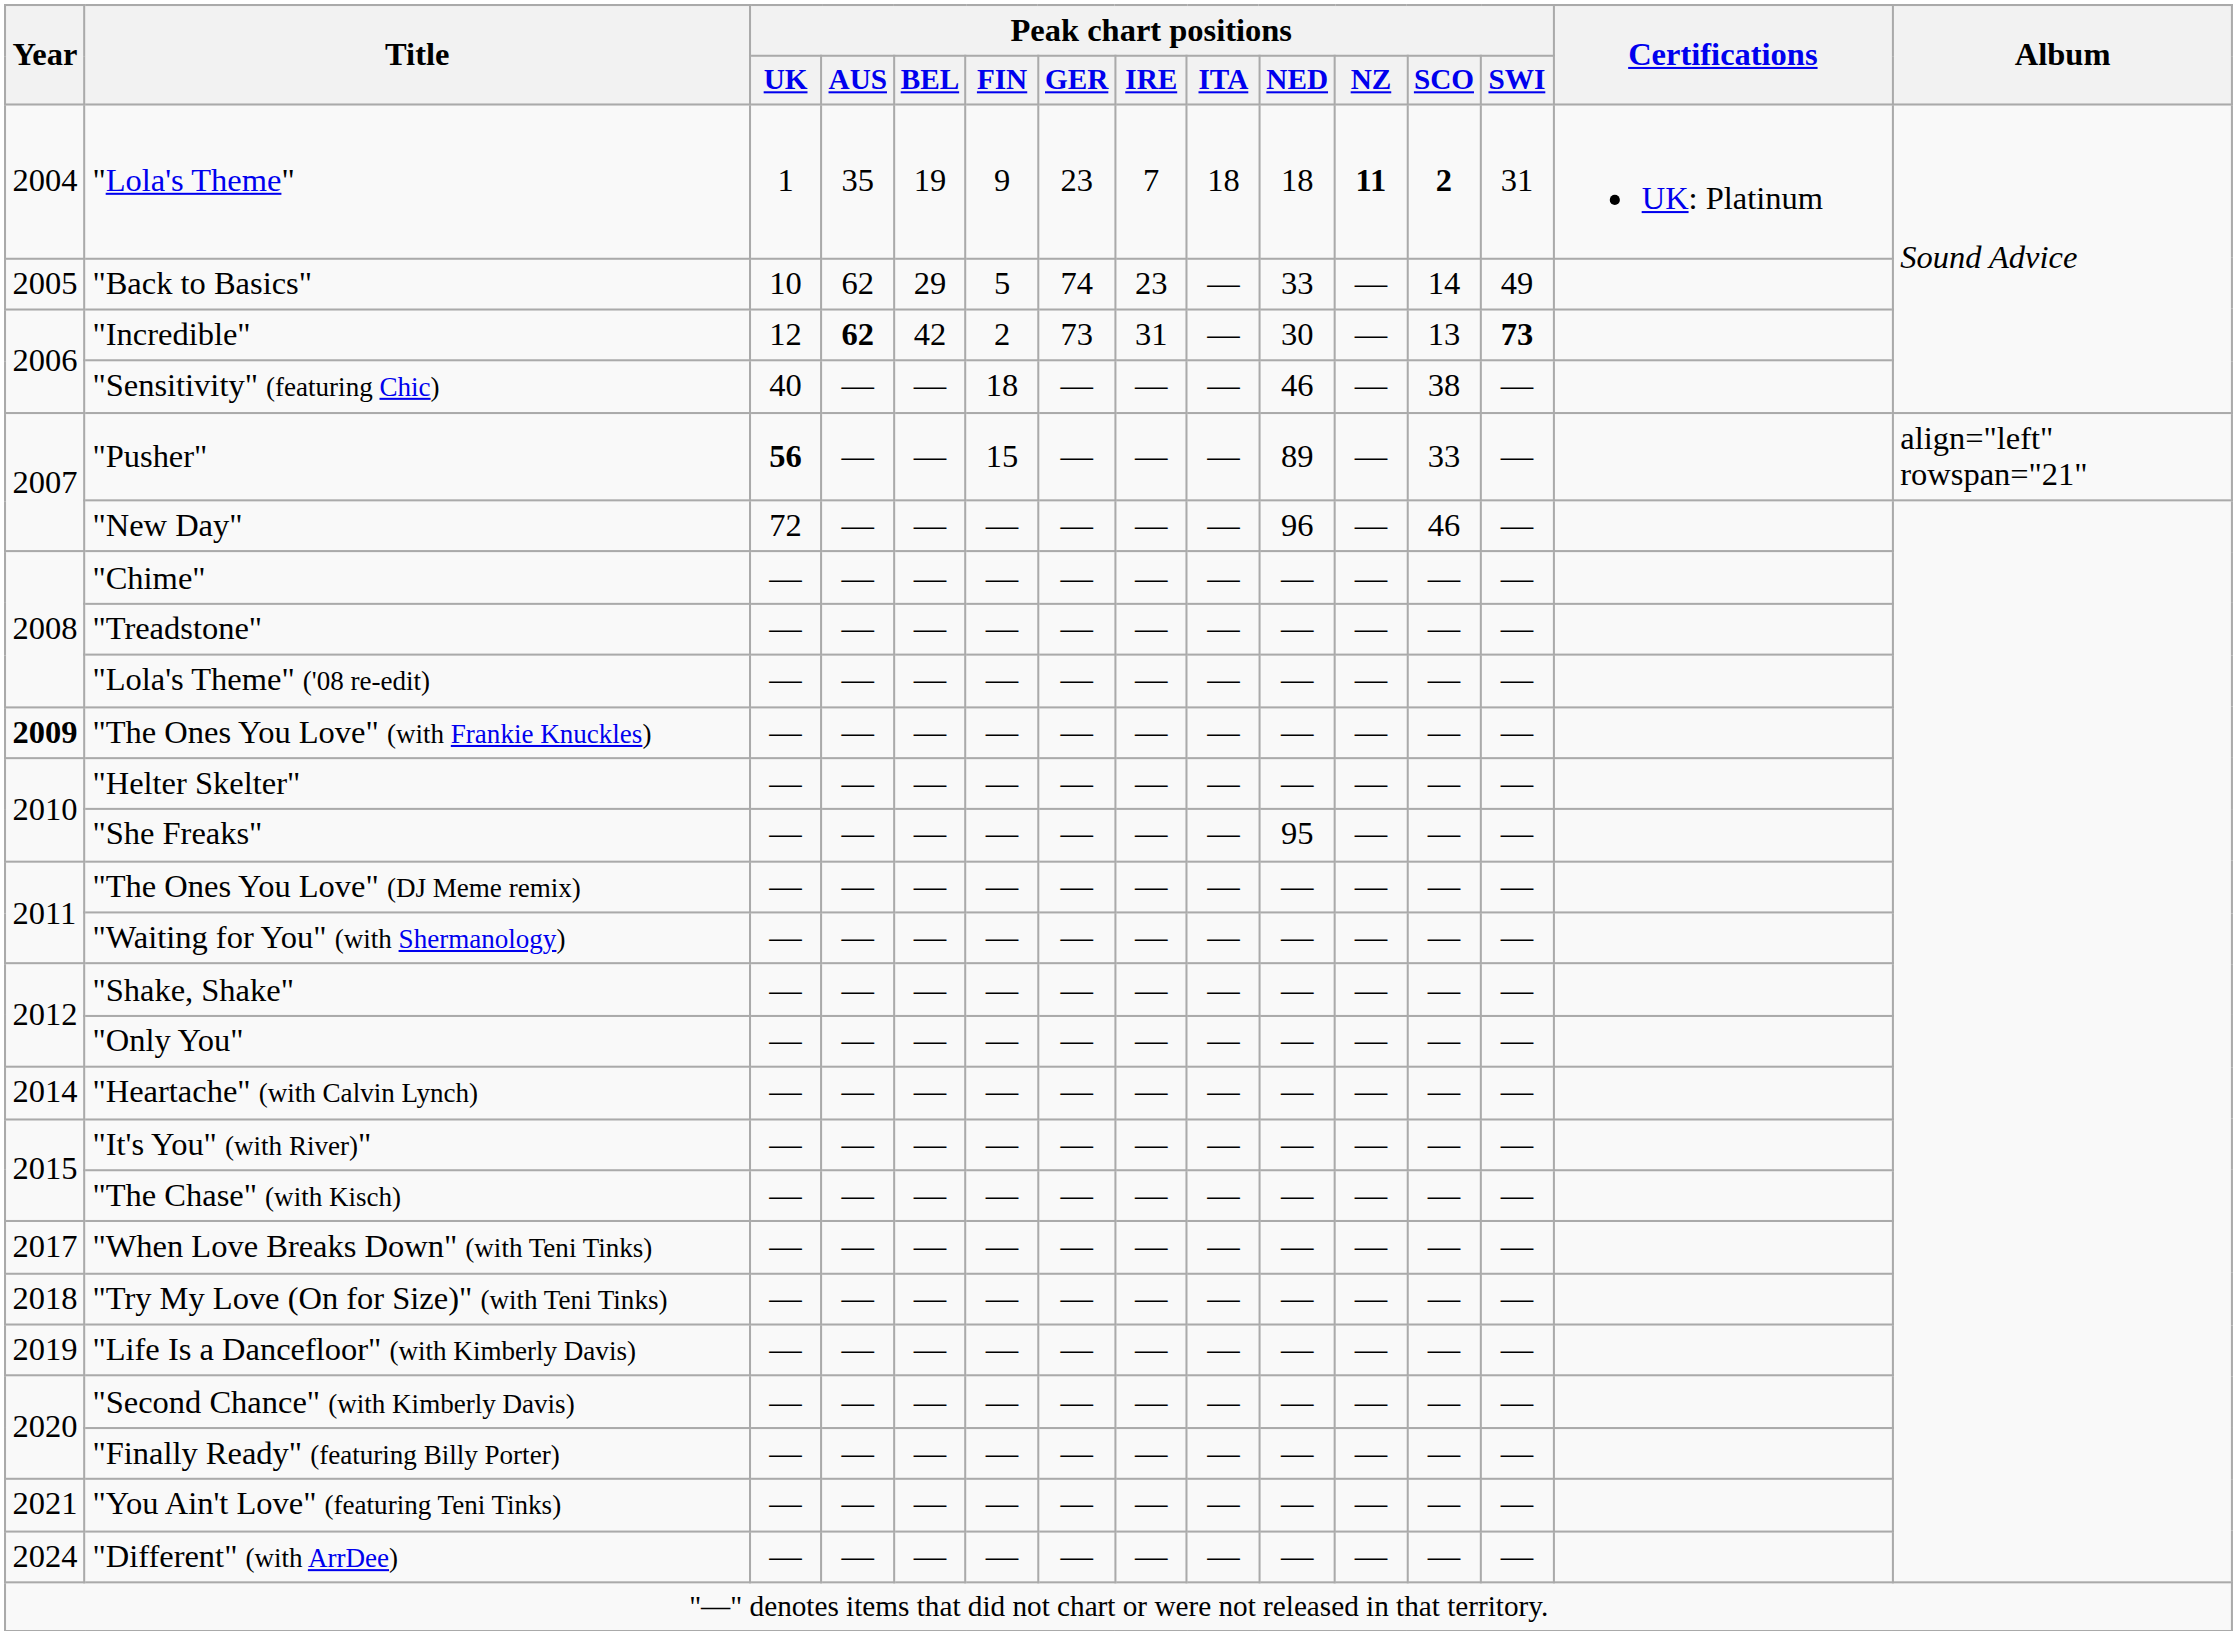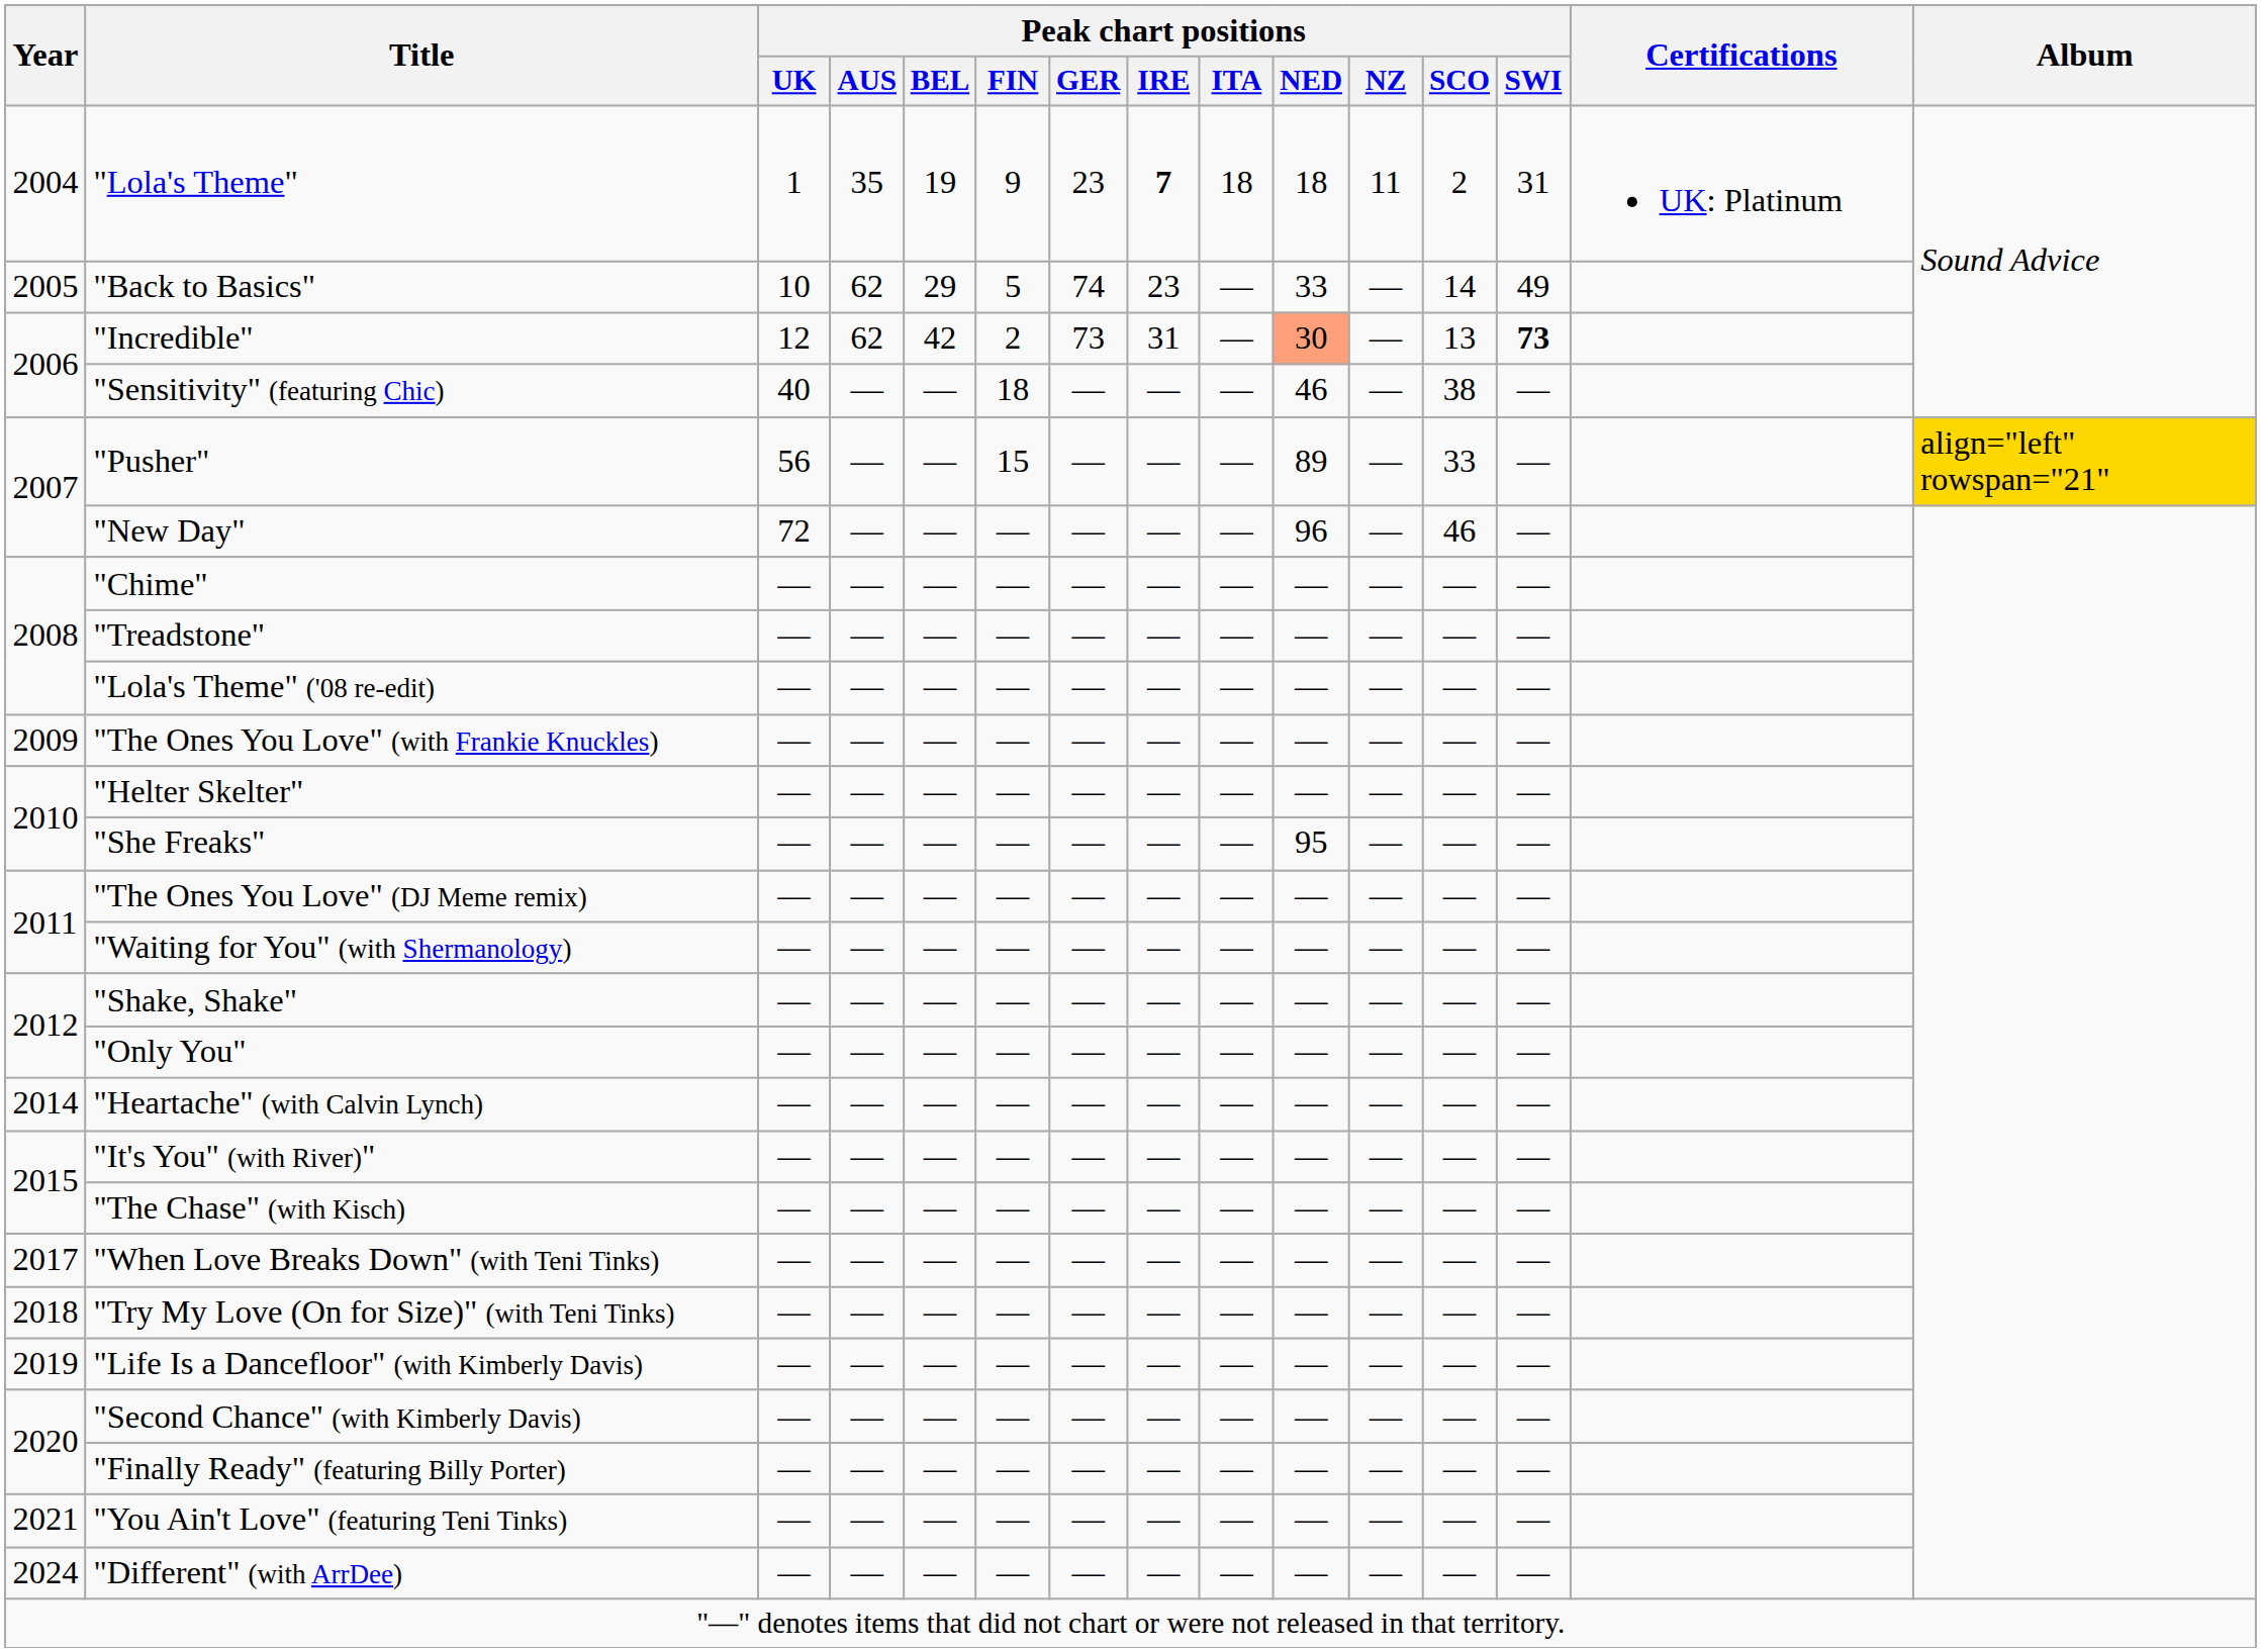 <table class="wikitable">
 <tr>
 <th rowspan="2" style="width:2em;">Year</th>
 <th rowspan="2" style="width:20em;">Title</th>
 <th colspan="11">Peak chart positions</th>
 <th rowspan="2" style="width:10em;"><a href='#'>Certifications</a></th>
 <th rowspan="2" style="width:10em;">Album</th>
 </tr>
 <tr>
 <th style="width:2em;font-size:90%;"><a href='#'>UK</a><br></th>
 <th style="width:2em;font-size:90%;"><a href='#'>AUS</a><br></th>
 <th style="width:2em;font-size:90%;"><a href='#'>BEL</a><br></th>
 <th style="width:2em;font-size:90%;"><a href='#'>FIN</a><br></th>
 <th style="width:2em;font-size:90%;"><a href='#'>GER</a><br></th>
 <th style="width:2em;font-size:90%;"><a href='#'>IRE</a><br></th>
 <th style="width:2em;font-size:90%;"><a href='#'>ITA</a><br></th>
 <th style="width:2em;font-size:90%;"><a href='#'>NED</a><br></th>
 <th style="width:2em;font-size:90%;"><a href='#'>NZ</a><br></th>
 <th style="width:2em;font-size:90%;"><a href='#'>SCO</a><br></th>
 <th style="width:2em;font-size:90%;"><a href='#'>SWI</a><br></th>
 </tr>
 <tr>
 <td>2004</td>
 <td>"<a href='#'>Lola's Theme</a>"</td>
 <td align="center">1</td>
 <td align="center">35</td>
 <td align="center">19</td>
 <td align="center">9</td>
 <td align="center">23</td>
-<td align="center">7</td>
+<td align="center"><strong>7</strong></td>
 <td align="center">18</td>
 <td align="center">18</td>
-<td align="center"><strong>11</strong></td>
-<td align="center"><strong>2</strong></td>
+<td align="center">11</td>
+<td align="center">2</td>
 <td align="center">31</td>
 <td><br><ul><li><a href='#'>UK</a>: Platinum</li></ul></td>
 <td align="left" rowspan="4"><em>Sound Advice</em></td>
 </tr>
 <tr>
 <td>2005</td>
 <td>"Back to Basics"</td>
 <td align="center">10</td>
 <td align="center">62</td>
 <td align="center">29</td>
 <td align="center">5</td>
 <td align="center">74</td>
 <td align="center">23</td>
 <td align="center">—</td>
 <td align="center">33</td>
 <td align="center">—</td>
 <td align="center">14</td>
 <td align="center">49</td>
 <td></td>
 </tr>
 <tr>
 <td rowspan="2">2006</td>
 <td>"Incredible"</td>
 <td align="center">12</td>
-<td align="center"><strong>62</strong></td>
+<td align="center">62</td>
 <td align="center">42</td>
 <td align="center">2</td>
 <td align="center">73</td>
 <td align="center">31</td>
 <td align="center">—</td>
-<td align="center">30</td>
+<td align="center" style="background: lightsalmon;">30</td>
 <td align="center">—</td>
 <td align="center">13</td>
 <td align="center"><strong>73</strong></td>
 <td></td>
 </tr>
 <tr>
 <td>"Sensitivity" <small>(featuring <a href='#'>Chic</a>)</small></td>
 <td align="center">40</td>
 <td align="center">—</td>
 <td align="center">—</td>
 <td align="center">18</td>
 <td align="center">—</td>
 <td align="center">—</td>
 <td align="center">—</td>
 <td align="center">46</td>
 <td align="center">—</td>
 <td align="center">38</td>
 <td align="center">—</td>
 <td></td>
 </tr>
 <tr>
 <td rowspan="2">2007</td>
 <td>"Pusher"</td>
-<td align="center"><strong>56</strong></td>
+<td align="center">56</td>
 <td align="center">—</td>
 <td align="center">—</td>
 <td align="center">15</td>
 <td align="center">—</td>
 <td align="center">—</td>
 <td align="center">—</td>
 <td align="center">89</td>
 <td align="center">—</td>
 <td align="center">33</td>
 <td align="center">—</td>
 <td></td>
-<td>align="left" rowspan="21" </td>
+<td style="background: gold;">align="left" rowspan="21" </td>
 </tr>
 <tr>
 <td>"New Day"</td>
 <td align="center">72</td>
 <td align="center">—</td>
 <td align="center">—</td>
 <td align="center">—</td>
 <td align="center">—</td>
 <td align="center">—</td>
 <td align="center">—</td>
 <td align="center">96</td>
 <td align="center">—</td>
 <td align="center">46</td>
 <td align="center">—</td>
 <td></td>
 </tr>
 <tr>
 <td rowspan="3">2008</td>
 <td>"Chime"</td>
 <td align="center">—</td>
 <td align="center">—</td>
 <td align="center">—</td>
 <td align="center">—</td>
 <td align="center">—</td>
 <td align="center">—</td>
 <td align="center">—</td>
 <td align="center">—</td>
 <td align="center">—</td>
 <td align="center">—</td>
 <td align="center">—</td>
 <td></td>
 </tr>
 <tr>
 <td>"Treadstone"</td>
 <td align="center">—</td>
 <td align="center">—</td>
 <td align="center">—</td>
 <td align="center">—</td>
 <td align="center">—</td>
 <td align="center">—</td>
 <td align="center">—</td>
 <td align="center">—</td>
 <td align="center">—</td>
 <td align="center">—</td>
 <td align="center">—</td>
 <td></td>
 </tr>
 <tr>
 <td>"Lola's Theme" <small>('08 re-edit)</small></td>
 <td align="center">—</td>
 <td align="center">—</td>
 <td align="center">—</td>
 <td align="center">—</td>
 <td align="center">—</td>
 <td align="center">—</td>
 <td align="center">—</td>
 <td align="center">—</td>
 <td align="center">—</td>
 <td align="center">—</td>
 <td align="center">—</td>
 <td></td>
 </tr>
 <tr>
-<td><strong>2009</strong></td>
+<td>2009</td>
 <td>"The Ones You Love" <small>(with <a href='#'>Frankie Knuckles</a>)</small></td>
 <td align="center">—</td>
 <td align="center">—</td>
 <td align="center">—</td>
 <td align="center">—</td>
 <td align="center">—</td>
 <td align="center">—</td>
 <td align="center">—</td>
 <td align="center">—</td>
 <td align="center">—</td>
 <td align="center">—</td>
 <td align="center">—</td>
 <td></td>
 </tr>
 <tr>
 <td rowspan="2">2010</td>
 <td>"Helter Skelter"</td>
 <td align="center">—</td>
 <td align="center">—</td>
 <td align="center">—</td>
 <td align="center">—</td>
 <td align="center">—</td>
 <td align="center">—</td>
 <td align="center">—</td>
 <td align="center">—</td>
 <td align="center">—</td>
 <td align="center">—</td>
 <td align="center">—</td>
 <td></td>
 </tr>
 <tr>
 <td>"She Freaks"</td>
 <td align="center">—</td>
 <td align="center">—</td>
 <td align="center">—</td>
 <td align="center">—</td>
 <td align="center">—</td>
 <td align="center">—</td>
 <td align="center">—</td>
 <td align="center">95</td>
 <td align="center">—</td>
 <td align="center">—</td>
 <td align="center">—</td>
 <td></td>
 </tr>
 <tr>
 <td rowspan="2">2011</td>
 <td>"The Ones You Love" <small>(DJ Meme remix)</small></td>
 <td align="center">—</td>
 <td align="center">—</td>
 <td align="center">—</td>
 <td align="center">—</td>
 <td align="center">—</td>
 <td align="center">—</td>
 <td align="center">—</td>
 <td align="center">—</td>
 <td align="center">—</td>
 <td align="center">—</td>
 <td align="center">—</td>
 <td></td>
 </tr>
 <tr>
 <td>"Waiting for You" <small>(with <a href='#'>Shermanology</a>)</small></td>
 <td align="center">—</td>
 <td align="center">—</td>
 <td align="center">—</td>
 <td align="center">—</td>
 <td align="center">—</td>
 <td align="center">—</td>
 <td align="center">—</td>
 <td align="center">—</td>
 <td align="center">—</td>
 <td align="center">—</td>
 <td align="center">—</td>
 <td></td>
 </tr>
 <tr>
 <td rowspan="2">2012</td>
 <td>"Shake, Shake"</td>
 <td align="center">—</td>
 <td align="center">—</td>
 <td align="center">—</td>
 <td align="center">—</td>
 <td align="center">—</td>
 <td align="center">—</td>
 <td align="center">—</td>
 <td align="center">—</td>
 <td align="center">—</td>
 <td align="center">—</td>
 <td align="center">—</td>
 <td></td>
 </tr>
 <tr>
 <td>"Only You"</td>
 <td align="center">—</td>
 <td align="center">—</td>
 <td align="center">—</td>
 <td align="center">—</td>
 <td align="center">—</td>
 <td align="center">—</td>
 <td align="center">—</td>
 <td align="center">—</td>
 <td align="center">—</td>
 <td align="center">—</td>
 <td align="center">—</td>
 <td></td>
 </tr>
 <tr>
 <td rowspan="1">2014</td>
 <td>"Heartache" <small>(with Calvin Lynch)</small></td>
 <td align="center">—</td>
 <td align="center">—</td>
 <td align="center">—</td>
 <td align="center">—</td>
 <td align="center">—</td>
 <td align="center">—</td>
 <td align="center">—</td>
 <td align="center">—</td>
 <td align="center">—</td>
 <td align="center">—</td>
 <td align="center">—</td>
 <td></td>
 </tr>
 <tr>
 <td rowspan="2">2015</td>
 <td>"It's You" <small>(with River)</small>"</td>
 <td align="center">—</td>
 <td align="center">—</td>
 <td align="center">—</td>
 <td align="center">—</td>
 <td align="center">—</td>
 <td align="center">—</td>
 <td align="center">—</td>
 <td align="center">—</td>
 <td align="center">—</td>
 <td align="center">—</td>
 <td align="center">—</td>
 <td></td>
 </tr>
 <tr>
 <td>"The Chase" <small>(with Kisch)</small></td>
 <td align="center">—</td>
 <td align="center">—</td>
 <td align="center">—</td>
 <td align="center">—</td>
 <td align="center">—</td>
 <td align="center">—</td>
 <td align="center">—</td>
 <td align="center">—</td>
 <td align="center">—</td>
 <td align="center">—</td>
 <td align="center">—</td>
 <td></td>
 </tr>
 <tr>
 <td rowspan="1">2017</td>
 <td>"When Love Breaks Down" <small>(with Teni Tinks)</small></td>
 <td align="center">—</td>
 <td align="center">—</td>
 <td align="center">—</td>
 <td align="center">—</td>
 <td align="center">—</td>
 <td align="center">—</td>
 <td align="center">—</td>
 <td align="center">—</td>
 <td align="center">—</td>
 <td align="center">—</td>
 <td align="center">—</td>
 <td></td>
 </tr>
 <tr>
 <td rowspan="1">2018</td>
 <td>"Try My Love (On for Size)" <small>(with Teni Tinks)</small></td>
 <td align="center">—</td>
 <td align="center">—</td>
 <td align="center">—</td>
 <td align="center">—</td>
 <td align="center">—</td>
 <td align="center">—</td>
 <td align="center">—</td>
 <td align="center">—</td>
 <td align="center">—</td>
 <td align="center">—</td>
 <td align="center">—</td>
 <td></td>
 </tr>
 <tr>
 <td rowspan="1">2019</td>
 <td>"Life Is a Dancefloor" <small>(with Kimberly Davis)</small></td>
 <td align="center">—</td>
 <td align="center">—</td>
 <td align="center">—</td>
 <td align="center">—</td>
 <td align="center">—</td>
 <td align="center">—</td>
 <td align="center">—</td>
 <td align="center">—</td>
 <td align="center">—</td>
 <td align="center">—</td>
 <td align="center">—</td>
 <td></td>
 </tr>
 <tr>
 <td rowspan="2">2020</td>
 <td>"Second Chance" <small>(with Kimberly Davis)</small></td>
 <td align="center">—</td>
 <td align="center">—</td>
 <td align="center">—</td>
 <td align="center">—</td>
 <td align="center">—</td>
 <td align="center">—</td>
 <td align="center">—</td>
 <td align="center">—</td>
 <td align="center">—</td>
 <td align="center">—</td>
 <td align="center">—</td>
 <td></td>
 </tr>
 <tr>
 <td>"Finally Ready" <small>(featuring Billy Porter)</small></td>
 <td align="center">—</td>
 <td align="center">—</td>
 <td align="center">—</td>
 <td align="center">—</td>
 <td align="center">—</td>
 <td align="center">—</td>
 <td align="center">—</td>
 <td align="center">—</td>
 <td align="center">—</td>
 <td align="center">—</td>
 <td align="center">—</td>
 <td></td>
 </tr>
 <tr>
 <td rowspan="1">2021</td>
 <td>"You Ain't Love" <small>(featuring Teni Tinks)</small></td>
 <td align="center">—</td>
 <td align="center">—</td>
 <td align="center">—</td>
 <td align="center">—</td>
 <td align="center">—</td>
 <td align="center">—</td>
 <td align="center">—</td>
 <td align="center">—</td>
 <td align="center">—</td>
 <td align="center">—</td>
 <td align="center">—</td>
 <td></td>
 </tr>
 <tr>
 <td rowspan="1">2024</td>
 <td>"Different" <small>(with <a href='#'>ArrDee</a>)</small></td>
 <td align="center">—</td>
 <td align="center">—</td>
 <td align="center">—</td>
 <td align="center">—</td>
 <td align="center">—</td>
 <td align="center">—</td>
 <td align="center">—</td>
 <td align="center">—</td>
 <td align="center">—</td>
 <td align="center">—</td>
 <td align="center">—</td>
 <td></td>
 </tr>
 <tr>
 <td align="center" colspan="15" style="font-size:90%">"—" denotes items that did not chart or were not released in that territory.</td>
 </tr>
 <tr>
 </tr>
 </table>
